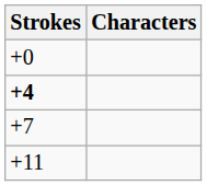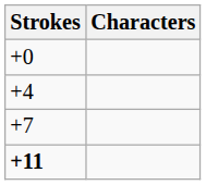 <table class="wikitable">
 <tr>
 <th>Strokes</th>
 <th>Characters</th>
 </tr>
 <tr>
 <td>+0</td>
 <td style="font-size: large;"></td>
 </tr>
 <tr>
-<td><strong>+4</strong></td>
+<td>+4</td>
 <td style="font-size: large;"></td>
 </tr>
 <tr>
 <td>+7</td>
 <td style="font-size: large;"></td>
 </tr>
 <tr>
-<td>+11</td>
+<td><strong>+11</strong></td>
 <td style="font-size: large;"></td>
 </tr>
 </table>
